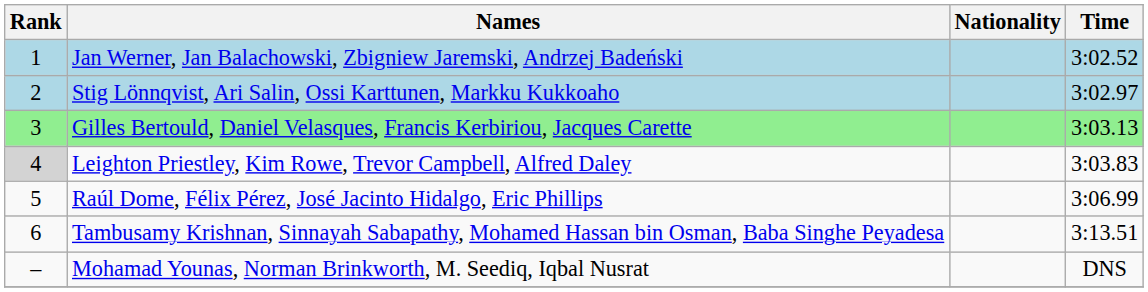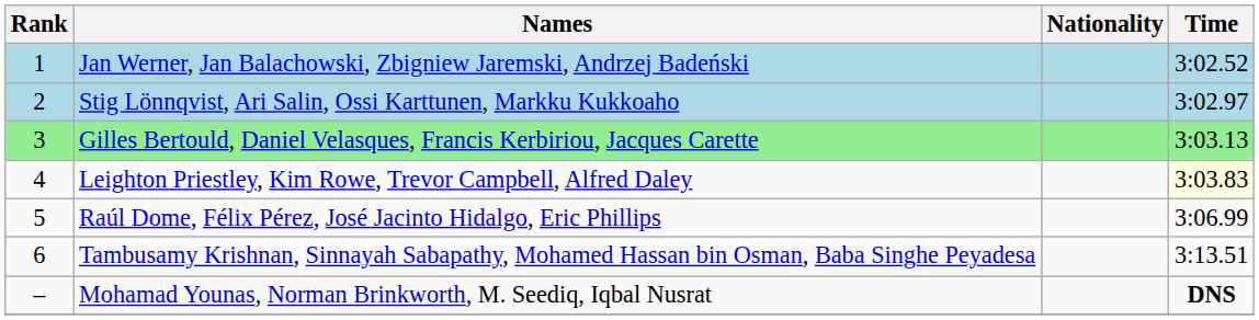 <table class="wikitable sortable" style="text-align:center">
 <tr>
 <th>Rank</th>
 <th>Names</th>
 <th>Nationality</th>
 <th>Time</th>
 </tr>
 <tr bgcolor=lightblue>
 <td>1</td>
 <td align=left><a href='#'>Jan Werner</a>, <a href='#'>Jan Balachowski</a>, <a href='#'>Zbigniew Jaremski</a>, <a href='#'>Andrzej Badeński</a></td>
 <td align=left></td>
 <td>3:02.52</td>
 </tr>
 <tr bgcolor=lightblue>
 <td>2</td>
 <td align=left><a href='#'>Stig Lönnqvist</a>, <a href='#'>Ari Salin</a>, <a href='#'>Ossi Karttunen</a>, <a href='#'>Markku Kukkoaho</a></td>
 <td align=left></td>
 <td>3:02.97</td>
 </tr>
 <tr bgcolor=lightgreen>
 <td>3</td>
 <td align=left><a href='#'>Gilles Bertould</a>, <a href='#'>Daniel Velasques</a>, <a href='#'>Francis Kerbiriou</a>, <a href='#'>Jacques Carette</a></td>
 <td align=left></td>
 <td>3:03.13</td>
 </tr>
 <tr>
-<td style="background: lightgrey;">4</td>
+<td>4</td>
 <td align=left><a href='#'>Leighton Priestley</a>, <a href='#'>Kim Rowe</a>, <a href='#'>Trevor Campbell</a>, <a href='#'>Alfred Daley</a></td>
 <td align=left></td>
-<td>3:03.83</td>
+<td style="background: lightyellow;">3:03.83</td>
 </tr>
 <tr>
 <td>5</td>
 <td align=left><a href='#'>Raúl Dome</a>, <a href='#'>Félix Pérez</a>, <a href='#'>José Jacinto Hidalgo</a>, <a href='#'>Eric Phillips</a></td>
 <td align=left></td>
 <td>3:06.99</td>
 </tr>
 <tr>
 <td>6</td>
 <td align=left><a href='#'>Tambusamy Krishnan</a>, <a href='#'>Sinnayah Sabapathy</a>, <a href='#'>Mohamed Hassan bin Osman</a>, <a href='#'>Baba Singhe Peyadesa</a></td>
 <td align=left></td>
 <td>3:13.51</td>
 </tr>
 <tr>
 <td>–</td>
 <td align=left><a href='#'>Mohamad Younas</a>, <a href='#'>Norman Brinkworth</a>, M. Seediq, Iqbal Nusrat</td>
 <td align=left></td>
-<td>DNS</td>
+<td><strong>DNS</strong></td>
 </tr>
 <tr>
 </tr>
 </table>
